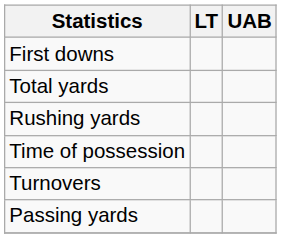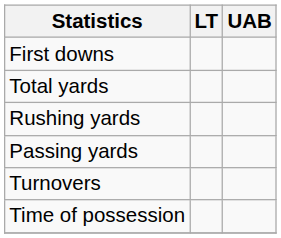 <table class="wikitable" style="float: left;">
 <tr>
 <th>Statistics</th>
 <th>LT</th>
 <th>UAB</th>
 </tr>
 <tr>
 <td>First downs</td>
 <td></td>
 <td></td>
 </tr>
 <tr>
 <td>Total yards</td>
 <td></td>
 <td></td>
 </tr>
 <tr>
 <td>Rushing yards</td>
 <td></td>
 <td></td>
 </tr>
 <tr>
-<td>Time of possession</td>
+<td>Passing yards</td>
 <td></td>
 <td></td>
 </tr>
 <tr>
 <td>Turnovers</td>
 <td></td>
 <td></td>
 </tr>
 <tr>
-<td>Passing yards</td>
+<td>Time of possession</td>
 <td></td>
 <td></td>
 </tr>
 <tr>
 </tr>
 </table>
